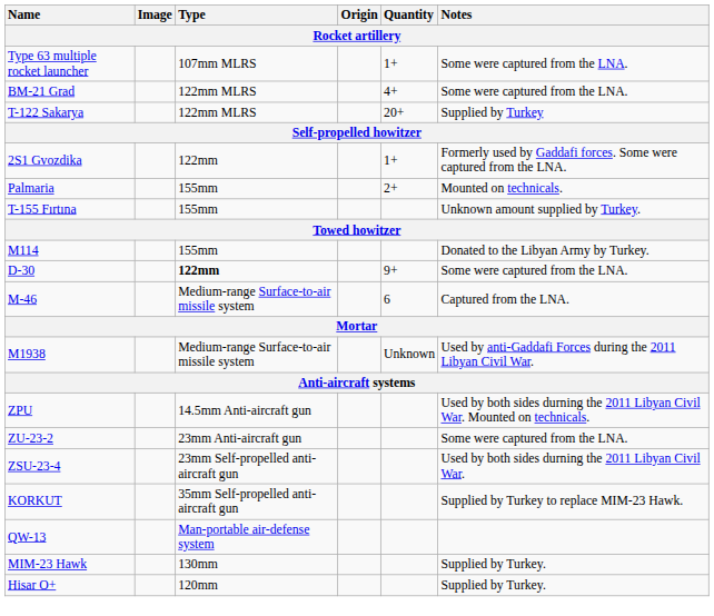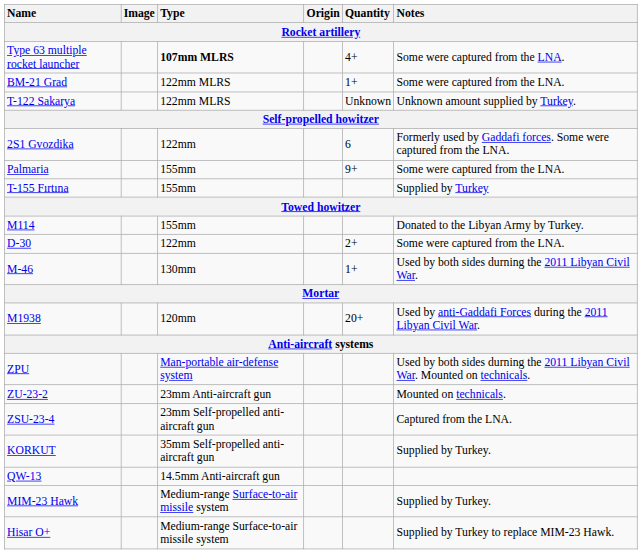 <table class="wikitable">
 <tr>
 <th style="text-align: left;">Name</th>
 <th style="text-align: left;">Image</th>
 <th style="text-align: left;">Type</th>
 <th style="text-align: left;">Origin</th>
 <th style="text-align: left;">Quantity</th>
 <th style="text-align: left;">Notes</th>
 </tr>
 <tr>
 <th style="align: center;" colspan="7"><a href='#'>Rocket artillery</a></th>
 </tr>
 <tr>
 <td><a href='#'>Type 63 multiple rocket launcher</a></td>
 <td></td>
-<td>107mm MLRS</td>
+<td><strong>107mm MLRS</strong></td>
 <td></td>
-<td>1+</td>
+<td>4+</td>
 <td>Some were captured from the <a href='#'>LNA</a>.</td>
 </tr>
 <tr>
 <td><a href='#'>BM-21 Grad</a></td>
 <td></td>
 <td>122mm MLRS</td>
 <td></td>
-<td>4+</td>
+<td>1+</td>
 <td>Some were captured from the LNA.</td>
 </tr>
 <tr>
 <td><a href='#'>T-122 Sakarya</a></td>
 <td></td>
 <td>122mm MLRS</td>
 <td></td>
-<td>20+</td>
-<td>Supplied by <a href='#'>Turkey</a></td>
+<td>Unknown</td>
+<td>Unknown amount supplied by <a href='#'>Turkey</a>.</td>
 </tr>
 <tr>
 <th style="align: center;" colspan="7"><a href='#'>Self-propelled howitzer</a></th>
 </tr>
 <tr>
 <td><a href='#'>2S1 Gvozdika</a></td>
 <td></td>
 <td>122mm</td>
 <td></td>
-<td>1+</td>
+<td>6</td>
 <td>Formerly used by <a href='#'>Gaddafi forces</a>. Some were captured from the LNA.</td>
 </tr>
 <tr>
 <td><a href='#'>Palmaria</a></td>
 <td></td>
 <td>155mm</td>
 <td></td>
-<td>2+</td>
-<td>Mounted on <a href='#'>technicals</a>.</td>
+<td>9+</td>
+<td>Some were captured from the LNA.</td>
 </tr>
 <tr>
 <td><a href='#'>T-155 Fırtına</a></td>
 <td></td>
 <td>155mm</td>
 <td></td>
 <td></td>
-<td>Unknown amount supplied by <a href='#'>Turkey</a>.</td>
+<td>Supplied by <a href='#'>Turkey</a></td>
 </tr>
 <tr>
 <th style="align: center;" colspan="7"><a href='#'>Towed howitzer</a></th>
 </tr>
 <tr>
 <td><a href='#'>M114</a></td>
 <td></td>
 <td>155mm</td>
 <td></td>
 <td></td>
 <td>Donated to the Libyan Army by Turkey.</td>
 </tr>
 <tr>
 <td><a href='#'>D-30</a></td>
 <td></td>
-<td><strong>122mm</strong></td>
+<td>122mm</td>
 <td></td>
-<td>9+</td>
+<td>2+</td>
 <td>Some were captured from the LNA.</td>
 </tr>
 <tr>
 <td><a href='#'>M-46</a></td>
 <td></td>
-<td>Medium-range <a href='#'>Surface-to-air missile</a> system</td>
+<td>130mm</td>
 <td></td>
-<td>6</td>
-<td>Captured from the LNA.</td>
+<td>1+</td>
+<td>Used by both sides durning the <a href='#'>2011 Libyan Civil War</a>.</td>
 </tr>
 <tr>
 <th style="align: center;" colspan="7"><a href='#'>Mortar</a></th>
 </tr>
 <tr>
 <td><a href='#'>M1938</a></td>
 <td></td>
-<td>Medium-range Surface-to-air missile system</td>
+<td>120mm</td>
 <td></td>
-<td>Unknown</td>
+<td>20+</td>
 <td>Used by <a href='#'>anti-Gaddafi Forces</a> during the <a href='#'>2011 Libyan Civil War</a>.</td>
 </tr>
 <tr>
 <th style="align: center;" colspan="7"><a href='#'>Anti-aircraft</a> systems</th>
 </tr>
 <tr>
 <td><a href='#'>ZPU</a></td>
 <td></td>
-<td>14.5mm Anti-aircraft gun</td>
+<td><a href='#'>Man-portable air-defense system</a></td>
 <td></td>
 <td></td>
 <td>Used by both sides durning the <a href='#'>2011 Libyan Civil War</a>. Mounted on <a href='#'>technicals</a>.</td>
 </tr>
 <tr>
 <td><a href='#'>ZU-23-2</a></td>
 <td></td>
 <td>23mm Anti-aircraft gun</td>
 <td></td>
 <td></td>
-<td>Some were captured from the LNA.</td>
+<td>Mounted on <a href='#'>technicals</a>.</td>
 </tr>
 <tr>
 <td><a href='#'>ZSU-23-4</a></td>
 <td></td>
 <td>23mm Self-propelled anti-aircraft gun</td>
 <td></td>
 <td></td>
-<td>Used by both sides durning the <a href='#'>2011 Libyan Civil War</a>.</td>
+<td>Captured from the LNA.</td>
 </tr>
 <tr>
 <td><a href='#'>KORKUT</a></td>
 <td></td>
 <td>35mm Self-propelled anti-aircraft gun</td>
 <td></td>
 <td></td>
-<td>Supplied by Turkey to replace MIM-23 Hawk.</td>
+<td>Supplied by Turkey.</td>
 </tr>
 <tr>
 <td><a href='#'>QW-13</a></td>
 <td></td>
-<td><a href='#'>Man-portable air-defense system</a></td>
+<td>14.5mm Anti-aircraft gun</td>
 <td></td>
 <td></td>
 <td></td>
 </tr>
 <tr>
 <td><a href='#'>MIM-23 Hawk</a></td>
 <td></td>
-<td>130mm</td>
+<td>Medium-range <a href='#'>Surface-to-air missile</a> system</td>
 <td></td>
 <td></td>
 <td>Supplied by Turkey.</td>
 </tr>
 <tr>
 <td><a href='#'>Hisar O+</a></td>
 <td></td>
-<td>120mm</td>
+<td>Medium-range Surface-to-air missile system</td>
 <td></td>
 <td></td>
-<td>Supplied by Turkey.</td>
+<td>Supplied by Turkey to replace MIM-23 Hawk.</td>
 </tr>
 </table>
